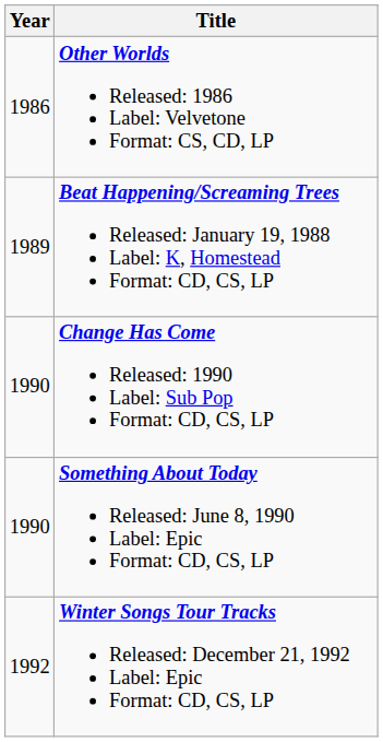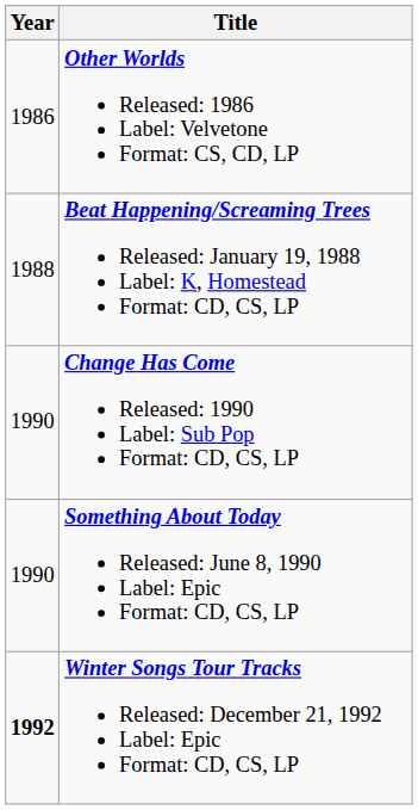 <table class="wikitable">
 <tr>
 <th>Year</th>
 <th width="250">Title</th>
 </tr>
 <tr>
 <td>1986</td>
 <td><strong><em><a href='#'>Other Worlds</a></em></strong><br><ul><li>Released: 1986</li><li>Label: Velvetone</li><li>Format: CS, CD, LP</li></ul></td>
 </tr>
 <tr>
-<td>1989</td>
+<td>1988</td>
 <td><strong><em><a href='#'>Beat Happening/Screaming Trees</a></em></strong><br><ul><li>Released: January 19, 1988</li><li>Label: <a href='#'>K</a>, <a href='#'>Homestead</a></li><li>Format: CD, CS, LP</li></ul></td>
 </tr>
 <tr>
 <td>1990</td>
 <td><strong><em><a href='#'>Change Has Come</a></em></strong><br><ul><li>Released: 1990</li><li>Label: <a href='#'>Sub Pop</a></li><li>Format: CD, CS, LP</li></ul></td>
 </tr>
 <tr>
 <td>1990</td>
 <td><strong><em><a href='#'>Something About Today</a></em></strong><br><ul><li>Released: June 8, 1990</li><li>Label: Epic</li><li>Format: CD, CS, LP</li></ul></td>
 </tr>
 <tr>
-<td>1992</td>
+<td><strong>1992</strong></td>
 <td><strong><em><a href='#'>Winter Songs Tour Tracks</a></em></strong><br><ul><li>Released: December 21, 1992</li><li>Label: Epic</li><li>Format: CD, CS, LP</li></ul></td>
 </tr>
 </table>
